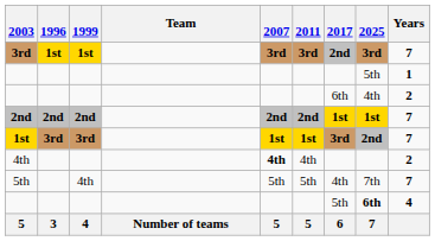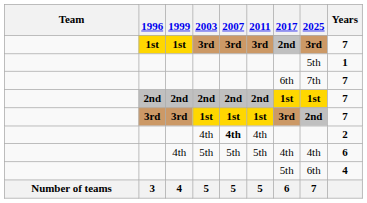 <table class="wikitable" style="text-align:center; font-size:90%">
 <tr>
-<th width=25><br><a href='#'>2003</a></th>
+<th width=170>Team</th>
 <th width=25><br><a href='#'>1996</a></th>
 <th width=25><br><a href='#'>1999</a></th>
-<th width=170>Team</th>
+<th width=25><br><a href='#'>2003</a></th>
 <th width=25><br><a href='#'>2007</a></th>
 <th width=25><br><a href='#'>2011</a></th>
 <th width=25><br><a href='#'>2017</a></th>
 <th width=25><br><a href='#'>2025</a></th>
 <th width=40>Years</th>
 </tr>
 <tr>
-<td bgcolor=cc9966><strong>3rd</strong></td>
+<td align=left></td>
 <td bgcolor=gold><strong>1st</strong></td>
 <td bgcolor=gold><strong>1st</strong></td>
-<td align=left></td>
+<td bgcolor=cc9966><strong>3rd</strong></td>
 <td bgcolor=cc9966><strong>3rd</strong></td>
 <td bgcolor=cc9966><strong>3rd</strong></td>
 <td bgcolor=silver><strong>2nd</strong></td>
 <td bgcolor=cc9966><strong>3rd</strong></td>
 <td><strong>7</strong></td>
 </tr>
 <tr>
+<td align=left></td>
 <td></td>
 <td></td>
 <td></td>
-<td align=left></td>
 <td></td>
 <td></td>
 <td></td>
 <td>5th</td>
 <td><strong>1</strong></td>
 </tr>
 <tr>
+<td align=left></td>
 <td></td>
 <td></td>
 <td></td>
-<td align=left></td>
 <td></td>
 <td></td>
 <td>6th</td>
-<td>4th</td>
-<td><strong>2</strong></td>
+<td>7th</td>
+<td><strong>7</strong></td>
 </tr>
 <tr>
+<td align=left></td>
 <td bgcolor=silver><strong>2nd</strong></td>
 <td bgcolor=silver><strong>2nd</strong></td>
 <td bgcolor=silver><strong>2nd</strong></td>
-<td align=left></td>
 <td bgcolor=silver><strong>2nd</strong></td>
 <td bgcolor=silver><strong>2nd</strong></td>
 <td bgcolor=gold><strong>1st</strong></td>
 <td bgcolor=gold><strong>1st</strong></td>
 <td><strong>7</strong></td>
 </tr>
 <tr>
-<td bgcolor=gold><strong>1st</strong></td>
+<td align=left></td>
 <td bgcolor=cc9966><strong>3rd</strong></td>
 <td bgcolor=cc9966><strong>3rd</strong></td>
-<td align=left></td>
+<td bgcolor=gold><strong>1st</strong></td>
 <td bgcolor=gold><strong>1st</strong></td>
 <td bgcolor=gold><strong>1st</strong></td>
 <td bgcolor=cc9966><strong>3rd</strong></td>
 <td bgcolor=silver><strong>2nd</strong></td>
 <td><strong>7</strong></td>
 </tr>
 <tr>
-<td>4th</td>
+<td align=left></td>
 <td></td>
 <td></td>
-<td align=left></td>
+<td>4th</td>
 <td><strong>4th</strong></td>
 <td>4th</td>
 <td></td>
 <td></td>
 <td><strong>2</strong></td>
 </tr>
 <tr>
-<td>5th</td>
+<td align=left></td>
 <td></td>
 <td>4th</td>
-<td align=left></td>
+<td>5th</td>
 <td>5th</td>
 <td>5th</td>
 <td>4th</td>
-<td>7th</td>
-<td><strong>7</strong></td>
+<td>4th</td>
+<td><strong>6</strong></td>
 </tr>
 <tr>
+<td align=left></td>
 <td></td>
 <td></td>
 <td></td>
-<td align=left></td>
 <td></td>
 <td></td>
 <td>5th</td>
-<td><strong>6th</strong></td>
+<td>6th</td>
 <td><strong>4</strong></td>
 </tr>
 <tr>
-<th>5</th>
+<th>Number of teams</th>
 <th>3</th>
 <th>4</th>
-<th>Number of teams</th>
+<th>5</th>
 <th>5</th>
 <th>5</th>
 <th>6</th>
 <th>7</th>
 <th></th>
 </tr>
 </table>
